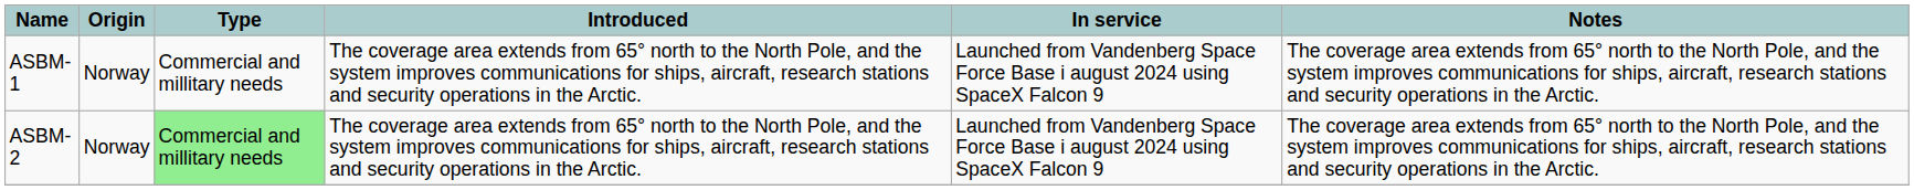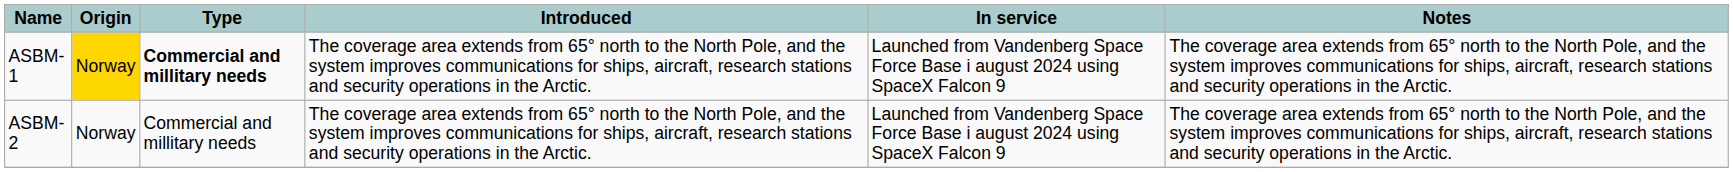 <table class="wikitable">
 <tr>
 <th style="text-align:center; background:#acc;">Name</th>
 <th style="text-align: center; background:#acc;">Origin</th>
 <th style="text-align:l center; background:#acc;">Type</th>
 <th style="text-align:l center; background:#acc;">Introduced</th>
 <th style="text-align:center; background:#acc;">In service</th>
 <th style="text-align: center; background:#acc;">Notes</th>
 </tr>
 <tr>
 <td>ASBM-1</td>
-<td>Norway</td>
-<td>Commercial and millitary needs</td>
+<td style="background: gold;">Norway</td>
+<td><strong>Commercial and millitary needs</strong></td>
 <td>The coverage area extends from 65° north to the North Pole, and the system improves communications for ships, aircraft, research stations and security operations in the Arctic.</td>
 <td>Launched from Vandenberg Space Force Base i august 2024 using SpaceX Falcon 9</td>
 <td>The coverage area extends from 65° north to the North Pole, and the system improves communications for ships, aircraft, research stations and security operations in the Arctic.</td>
 </tr>
 <tr>
 <td>ASBM-2</td>
 <td>Norway</td>
-<td style="background: lightgreen;">Commercial and millitary needs</td>
+<td>Commercial and millitary needs</td>
 <td>The coverage area extends from 65° north to the North Pole, and the system improves communications for ships, aircraft, research stations and security operations in the Arctic.</td>
 <td>Launched from Vandenberg Space Force Base i august 2024 using SpaceX Falcon 9</td>
 <td>The coverage area extends from 65° north to the North Pole, and the system improves communications for ships, aircraft, research stations and security operations in the Arctic. </td>
 </tr>
 <tr>
 </tr>
 </table>
